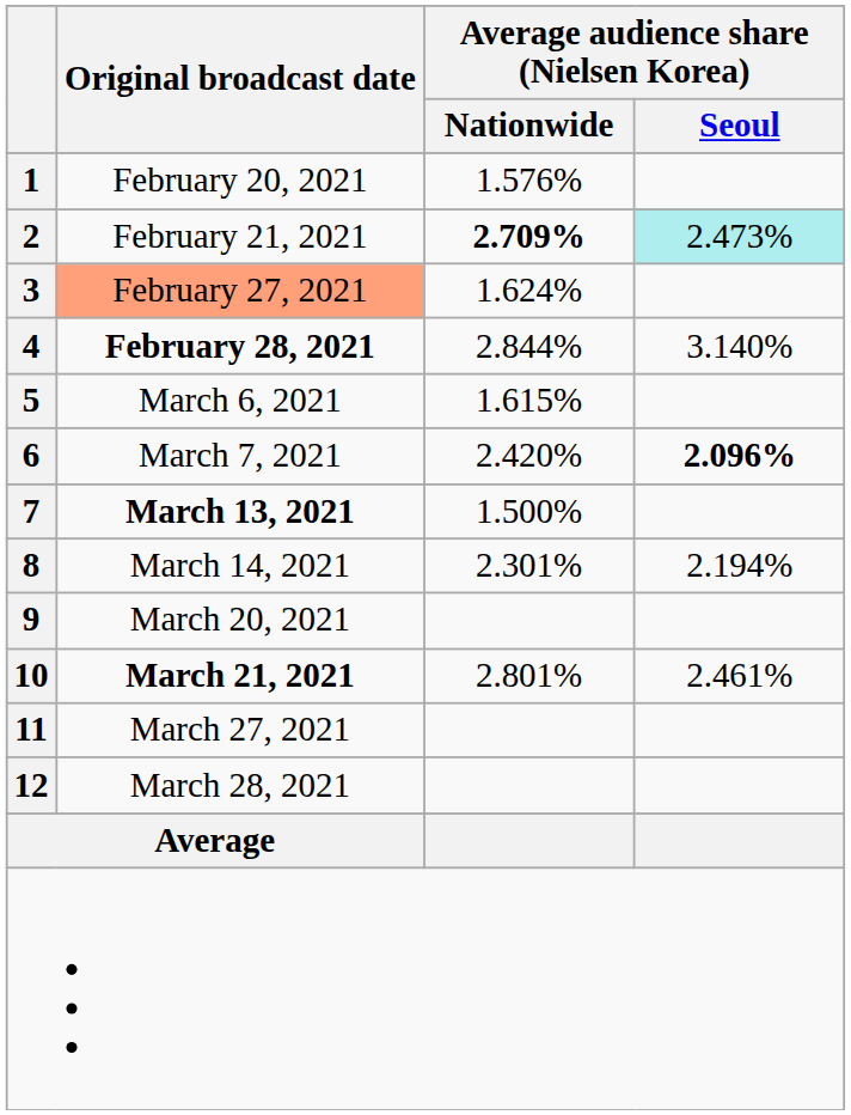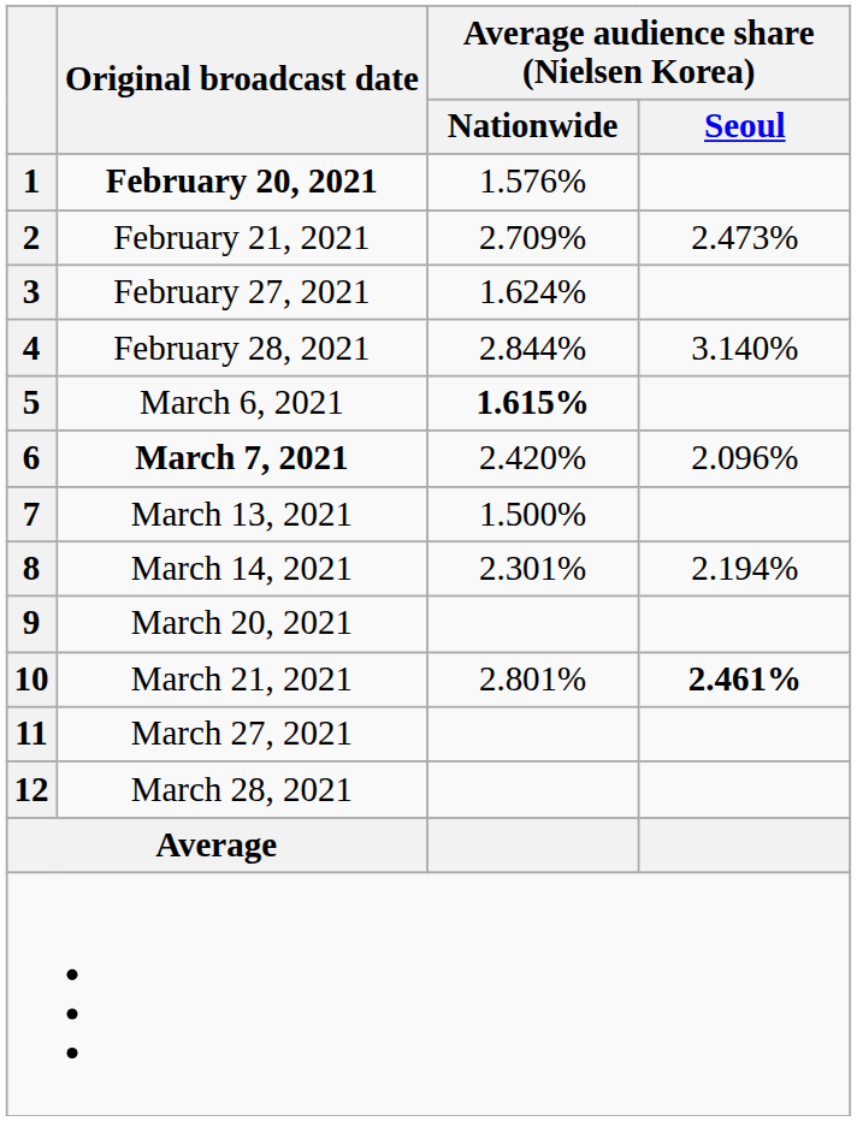 <table class="wikitable" style="text-align:center;max-width:450px; margin-left: auto; margin-right: auto; border: none;">
 <tr>
 </tr>
 <tr>
 <th rowspan="2"></th>
 <th rowspan="2">Original broadcast date</th>
 <th colspan="2">Average audience share<br>(Nielsen Korea)</th>
 </tr>
 <tr>
 <th width="90">Nationwide</th>
 <th width="90"><a href='#'>Seoul</a></th>
 </tr>
 <tr>
 <th>1</th>
-<td>February 20, 2021</td>
+<td><strong>February 20, 2021</strong></td>
 <td>1.576%</td>
 <td><strong></strong></td>
 </tr>
 <tr>
 <th>2</th>
 <td>February 21, 2021</td>
-<td><strong>2.709%</strong></td>
-<td style="background: paleturquoise;">2.473%</td>
+<td>2.709%</td>
+<td>2.473%</td>
 </tr>
 <tr>
 <th>3</th>
-<td style="background: lightsalmon;">February 27, 2021</td>
+<td>February 27, 2021</td>
 <td>1.624%</td>
 <td></td>
 </tr>
 <tr>
 <th>4</th>
-<td><strong>February 28, 2021</strong></td>
+<td>February 28, 2021</td>
 <td>2.844%</td>
 <td>3.140%</td>
 </tr>
 <tr>
 <th>5</th>
 <td>March 6, 2021</td>
-<td>1.615%</td>
+<td><strong>1.615%</strong></td>
 <td></td>
 </tr>
 <tr>
 <th>6</th>
-<td>March 7, 2021</td>
+<td><strong>March 7, 2021</strong></td>
 <td>2.420%</td>
-<td><strong>2.096%</strong></td>
+<td>2.096%</td>
 </tr>
 <tr>
 <th>7</th>
-<td><strong>March 13, 2021</strong></td>
+<td>March 13, 2021</td>
 <td>1.500%</td>
 <td></td>
 </tr>
 <tr>
 <th>8</th>
 <td>March 14, 2021</td>
 <td>2.301%</td>
 <td>2.194%</td>
 </tr>
 <tr>
 <th>9</th>
 <td>March 20, 2021</td>
 <td><strong></strong></td>
 <td></td>
 </tr>
 <tr>
 <th>10</th>
-<td><strong>March 21, 2021</strong></td>
+<td>March 21, 2021</td>
 <td>2.801%</td>
-<td>2.461%</td>
+<td><strong>2.461%</strong></td>
 </tr>
 <tr>
 <th>11</th>
 <td>March 27, 2021</td>
 <td></td>
 <td></td>
 </tr>
 <tr>
 <th>12</th>
 <td>March 28, 2021</td>
 <td><strong></strong></td>
 <td><strong></strong></td>
 </tr>
 <tr>
 <th colspan="2">Average</th>
 <th></th>
 <th></th>
 </tr>
 <tr>
 <td colspan="4"><br><ul><li></li><li></li><li></li></ul></td>
 </tr>
 </table>
